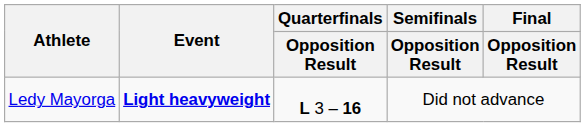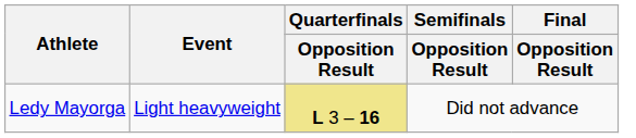 <table class="wikitable" border="1" style="font-size:90%">
 <tr>
 <th rowspan=2>Athlete</th>
 <th rowspan=2>Event</th>
 <th>Quarterfinals</th>
 <th>Semifinals</th>
 <th>Final</th>
 </tr>
 <tr>
 <th>Opposition<br>Result</th>
 <th>Opposition<br>Result</th>
 <th>Opposition<br>Result</th>
 </tr>
 <tr>
 <td><a href='#'>Ledy Mayorga</a></td>
-<td><strong><a href='#'>Light heavyweight</a></strong></td>
-<td align=center><br><strong>L</strong> 3 – <strong>16</strong></td>
+<td><a href='#'>Light heavyweight</a></td>
+<td align=center style="background: khaki;"><br><strong>L</strong> 3 – <strong>16</strong></td>
 <td align=center colspan="7">Did not advance</td>
 </tr>
 </table>
